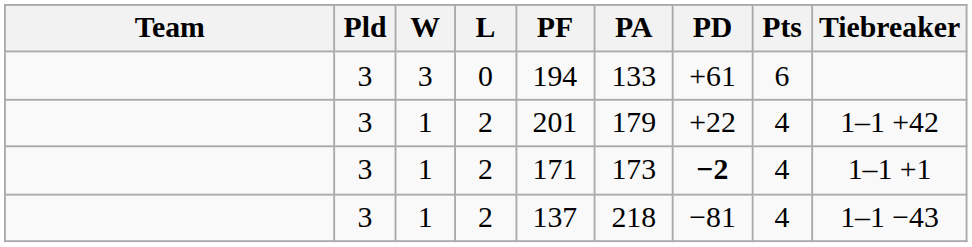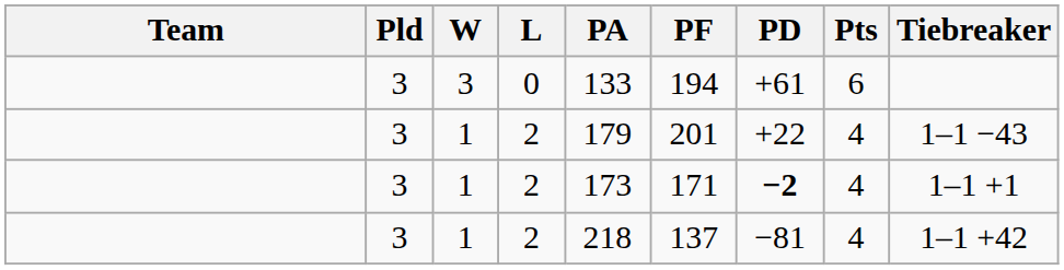 <table class="wikitable" style="text-align:center;">
 <tr>
 <th width=170>Team</th>
 <th width=25>Pld</th>
 <th width=25>W</th>
 <th width=25>L</th>
+<th width=35>PA</th>
 <th width=35>PF</th>
-<th width=35>PA</th>
 <th width=35>PD</th>
 <th width=25>Pts</th>
 <th width=50>Tiebreaker</th>
 </tr>
 <tr style="background:ccffcc">
 <td style="text-align:left"></td>
 <td>3</td>
 <td>3</td>
 <td>0</td>
+<td>133</td>
 <td>194</td>
-<td>133</td>
 <td>+61</td>
 <td>6</td>
 <td></td>
 </tr>
 <tr style="background:ccffcc">
 <td style="text-align:left"></td>
 <td>3</td>
 <td>1</td>
 <td>2</td>
+<td>179</td>
 <td>201</td>
-<td>179</td>
 <td>+22</td>
 <td>4</td>
-<td>1–1 +42</td>
+<td>1–1 −43</td>
 </tr>
 <tr style="background:ccffcc">
 <td style="text-align:left"></td>
 <td>3</td>
 <td>1</td>
 <td>2</td>
+<td>173</td>
 <td>171</td>
-<td>173</td>
 <td><strong>−2</strong></td>
 <td>4</td>
 <td>1–1 +1</td>
 </tr>
 <tr style="background:ffcccc">
 <td style="text-align:left"></td>
 <td>3</td>
 <td>1</td>
 <td>2</td>
+<td>218</td>
 <td>137</td>
-<td>218</td>
 <td>−81</td>
 <td>4</td>
-<td>1–1 −43</td>
+<td>1–1 +42</td>
 </tr>
 </table>
